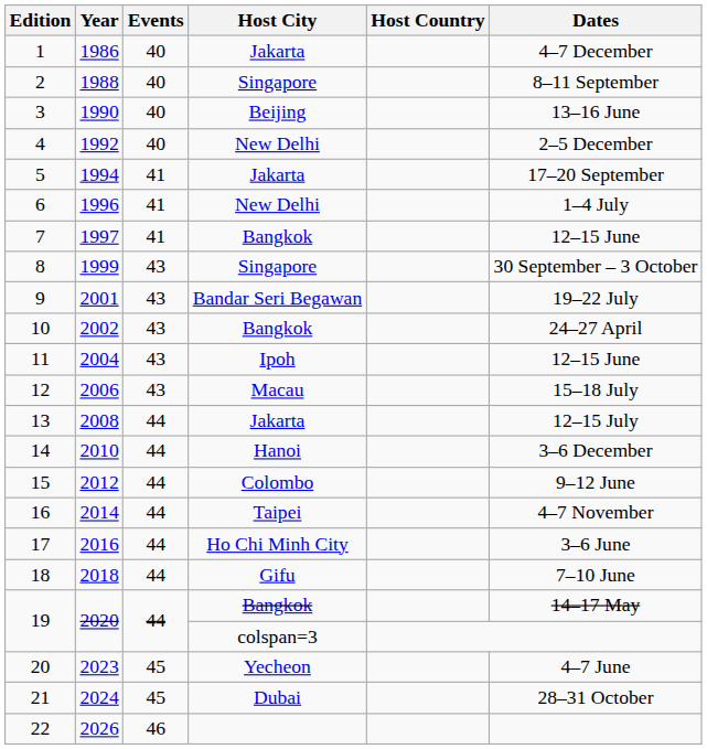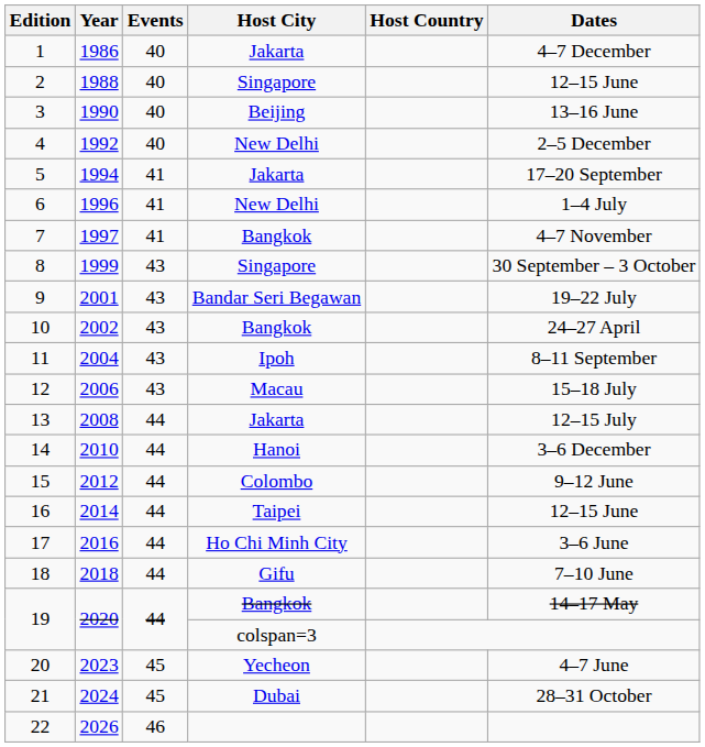 <table class="wikitable" style="text-align:center">
 <tr>
 <th style="background-color: #silver;">Edition</th>
 <th style="background-color: #silver;">Year</th>
 <th style="background-color: #silver;">Events</th>
 <th style="background-color: #silver;">Host City</th>
 <th style="background-color: #silver;">Host Country</th>
 <th style="background-color: #silver;">Dates</th>
 </tr>
 <tr>
 <td>1</td>
 <td><a href='#'>1986</a></td>
 <td>40</td>
 <td><a href='#'>Jakarta</a></td>
 <td align=left></td>
 <td>4–7 December</td>
 </tr>
 <tr>
 <td>2</td>
 <td><a href='#'>1988</a></td>
 <td>40</td>
 <td><a href='#'>Singapore</a></td>
 <td align=left></td>
-<td>8–11 September</td>
+<td>12–15 June</td>
 </tr>
 <tr>
 <td>3</td>
 <td><a href='#'>1990</a></td>
 <td>40</td>
 <td><a href='#'>Beijing</a></td>
 <td align=left></td>
 <td>13–16 June</td>
 </tr>
 <tr>
 <td>4</td>
 <td><a href='#'>1992</a></td>
 <td>40</td>
 <td><a href='#'>New Delhi</a></td>
 <td align=left></td>
 <td>2–5 December</td>
 </tr>
 <tr>
 <td>5</td>
 <td><a href='#'>1994</a></td>
 <td>41</td>
 <td><a href='#'>Jakarta</a></td>
 <td align=left></td>
 <td>17–20 September</td>
 </tr>
 <tr>
 <td>6</td>
 <td><a href='#'>1996</a></td>
 <td>41</td>
 <td><a href='#'>New Delhi</a></td>
 <td align=left></td>
 <td>1–4 July</td>
 </tr>
 <tr>
 <td>7</td>
 <td><a href='#'>1997</a></td>
 <td>41</td>
 <td><a href='#'>Bangkok</a></td>
 <td align=left></td>
-<td>12–15 June</td>
+<td>4–7 November</td>
 </tr>
 <tr>
 <td>8</td>
 <td><a href='#'>1999</a></td>
 <td>43</td>
 <td><a href='#'>Singapore</a></td>
 <td align=left></td>
 <td>30 September – 3 October</td>
 </tr>
 <tr>
 <td>9</td>
 <td><a href='#'>2001</a></td>
 <td>43</td>
 <td><a href='#'>Bandar Seri Begawan</a></td>
 <td align=left></td>
 <td>19–22 July</td>
 </tr>
 <tr>
 <td>10</td>
 <td><a href='#'>2002</a></td>
 <td>43</td>
 <td><a href='#'>Bangkok</a></td>
 <td align=left></td>
 <td>24–27 April</td>
 </tr>
 <tr>
 <td>11</td>
 <td><a href='#'>2004</a></td>
 <td>43</td>
 <td><a href='#'>Ipoh</a></td>
 <td align=left></td>
-<td>12–15 June</td>
+<td>8–11 September</td>
 </tr>
 <tr>
 <td>12</td>
 <td><a href='#'>2006</a></td>
 <td>43</td>
 <td><a href='#'>Macau</a></td>
 <td align=left></td>
 <td>15–18 July</td>
 </tr>
 <tr>
 <td>13</td>
 <td><a href='#'>2008</a></td>
 <td>44</td>
 <td><a href='#'>Jakarta</a></td>
 <td align=left></td>
 <td>12–15 July</td>
 </tr>
 <tr>
 <td>14</td>
 <td><a href='#'>2010</a></td>
 <td>44</td>
 <td><a href='#'>Hanoi</a></td>
 <td align=left></td>
 <td>3–6 December</td>
 </tr>
 <tr>
 <td>15</td>
 <td><a href='#'>2012</a></td>
 <td>44</td>
 <td><a href='#'>Colombo</a></td>
 <td align=left></td>
 <td>9–12 June</td>
 </tr>
 <tr>
 <td>16</td>
 <td><a href='#'>2014</a></td>
 <td>44</td>
 <td><a href='#'>Taipei</a></td>
 <td align=left></td>
-<td>4–7 November</td>
+<td>12–15 June</td>
 </tr>
 <tr>
 <td>17</td>
 <td><a href='#'>2016</a></td>
 <td>44</td>
 <td><a href='#'>Ho Chi Minh City</a></td>
 <td align=left></td>
 <td>3–6 June</td>
 </tr>
 <tr>
 <td>18</td>
 <td><a href='#'>2018</a></td>
 <td>44</td>
 <td><a href='#'>Gifu</a></td>
 <td align=left></td>
 <td>7–10 June</td>
 </tr>
 <tr>
 <td rowspan=2>19</td>
 <td rowspan=2><s><a href='#'>2020</a></s></td>
 <td rowspan=2><s>44</s></td>
 <td><s><a href='#'>Bangkok</a></s></td>
 <td align=left><s></s></td>
 <td><s>14–17 May</s></td>
 </tr>
 <tr>
 <td>colspan=3 </td>
 </tr>
 <tr>
 <td>20</td>
 <td><a href='#'>2023</a></td>
 <td>45</td>
 <td><a href='#'>Yecheon</a></td>
 <td align=left></td>
 <td>4–7 June</td>
 </tr>
 <tr>
 <td>21</td>
 <td><a href='#'>2024</a></td>
 <td>45</td>
 <td><a href='#'>Dubai</a></td>
 <td align=left></td>
 <td>28–31 October</td>
 </tr>
 <tr>
 <td>22</td>
 <td><a href='#'>2026</a></td>
 <td>46</td>
 <td></td>
 <td align=left></td>
 <td></td>
 </tr>
 </table>
